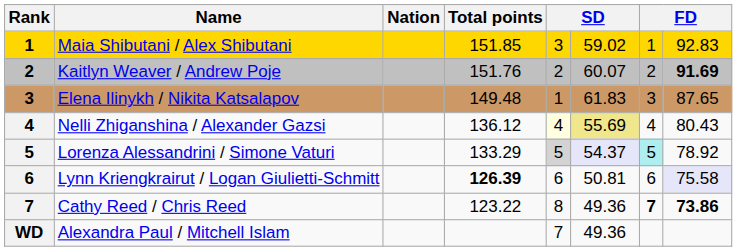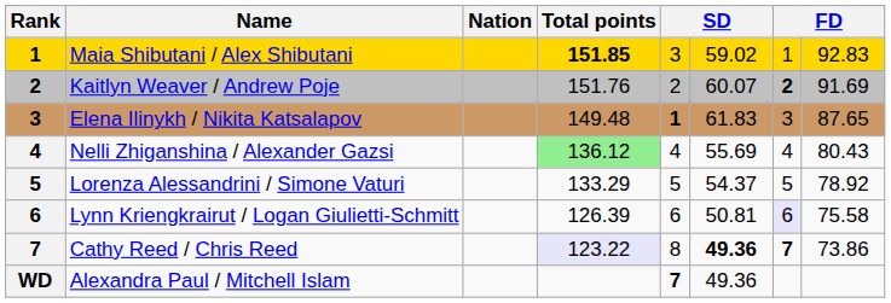 <table class="wikitable sortable">
 <tr>
 <th>Rank</th>
 <th>Name</th>
 <th>Nation</th>
 <th>Total points</th>
 <th colspan="2" width="80px"><a href='#'>SD</a></th>
 <th colspan="2" width="80px"><a href='#'>FD</a></th>
 </tr>
 <tr bgcolor="gold">
 <td align="center"><strong>1</strong></td>
 <td><a href='#'>Maia Shibutani</a> / <a href='#'>Alex Shibutani</a></td>
 <td></td>
-<td align="center">151.85</td>
+<td align="center"><strong>151.85</strong></td>
 <td align="center">3</td>
 <td align="center">59.02</td>
 <td align="center">1</td>
 <td align="center">92.83</td>
 </tr>
 <tr bgcolor="silver">
 <td align="center"><strong>2</strong></td>
 <td><a href='#'>Kaitlyn Weaver</a> / <a href='#'>Andrew Poje</a></td>
 <td></td>
 <td align="center">151.76</td>
 <td align="center">2</td>
 <td align="center">60.07</td>
-<td align="center">2</td>
-<td align="center"><strong>91.69</strong></td>
+<td align="center"><strong>2</strong></td>
+<td align="center">91.69</td>
 </tr>
 <tr bgcolor="cc9966">
 <td align="center"><strong>3</strong></td>
 <td><a href='#'>Elena Ilinykh</a> / <a href='#'>Nikita Katsalapov</a></td>
 <td></td>
 <td align="center">149.48</td>
-<td align="center">1</td>
+<td align="center"><strong>1</strong></td>
 <td align="center">61.83</td>
 <td align="center">3</td>
 <td align="center">87.65</td>
 </tr>
 <tr>
 <th>4</th>
 <td><a href='#'>Nelli Zhiganshina</a> / <a href='#'>Alexander Gazsi</a></td>
 <td></td>
-<td align="center">136.12</td>
-<td align="center" style="background: lightyellow;">4</td>
-<td align="center" style="background: khaki;">55.69</td>
+<td align="center" style="background: lightgreen;">136.12</td>
+<td align="center">4</td>
+<td align="center">55.69</td>
 <td align="center">4</td>
 <td align="center">80.43</td>
 </tr>
 <tr>
 <th>5</th>
 <td><a href='#'>Lorenza Alessandrini</a> / <a href='#'>Simone Vaturi</a></td>
 <td></td>
 <td align="center">133.29</td>
-<td align="center" style="background: lightgrey;">5</td>
-<td align="center" style="background: lavender;">54.37</td>
-<td align="center" style="background: paleturquoise;">5</td>
+<td align="center">5</td>
+<td align="center">54.37</td>
+<td align="center">5</td>
 <td align="center">78.92</td>
 </tr>
 <tr>
 <th>6</th>
 <td><a href='#'>Lynn Kriengkrairut</a> / <a href='#'>Logan Giulietti-Schmitt</a></td>
 <td></td>
-<td align="center"><strong>126.39</strong></td>
+<td align="center">126.39</td>
 <td align="center">6</td>
 <td align="center">50.81</td>
-<td align="center">6</td>
-<td align="center" style="background: lavender;">75.58</td>
+<td align="center" style="background: lavender;">6</td>
+<td align="center">75.58</td>
 </tr>
 <tr>
 <th>7</th>
 <td><a href='#'>Cathy Reed</a> / <a href='#'>Chris Reed</a></td>
 <td></td>
-<td align="center">123.22</td>
+<td align="center" style="background: lavender;">123.22</td>
 <td align="center">8</td>
-<td align="center">49.36</td>
+<td align="center"><strong>49.36</strong></td>
 <td align="center"><strong>7</strong></td>
-<td align="center"><strong>73.86</strong></td>
+<td align="center">73.86</td>
 </tr>
 <tr>
 <th>WD</th>
 <td><a href='#'>Alexandra Paul</a> / <a href='#'>Mitchell Islam</a></td>
 <td></td>
 <td align="center"></td>
-<td align="center">7</td>
+<td align="center"><strong>7</strong></td>
 <td align="center">49.36</td>
 <td align="center"></td>
 <td align="center"></td>
 </tr>
 </table>
